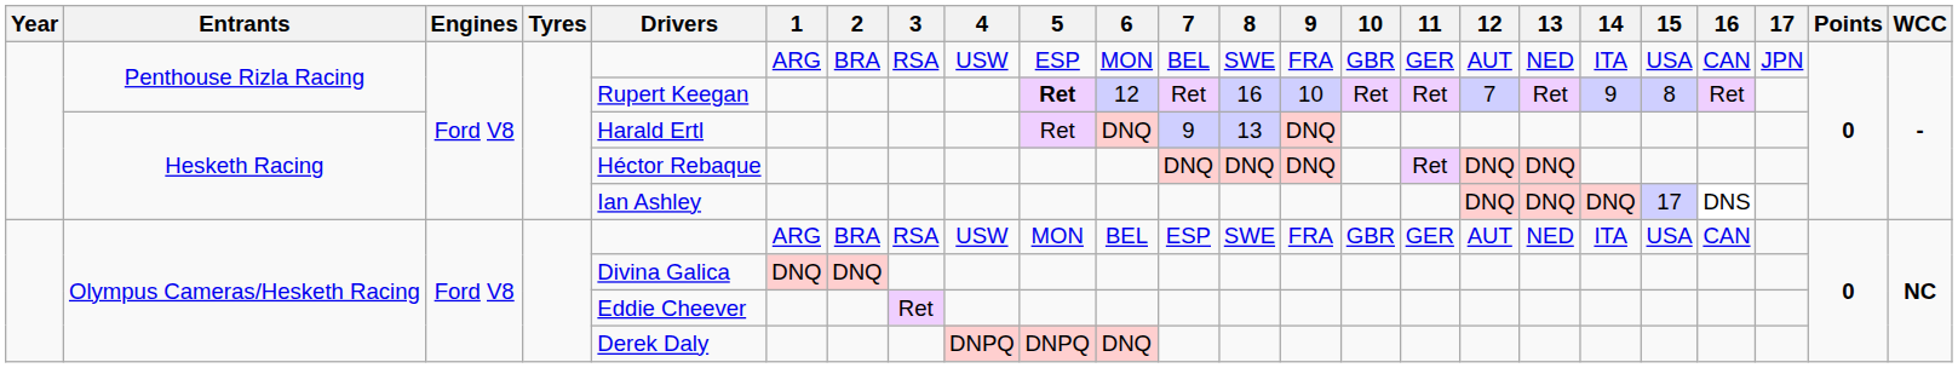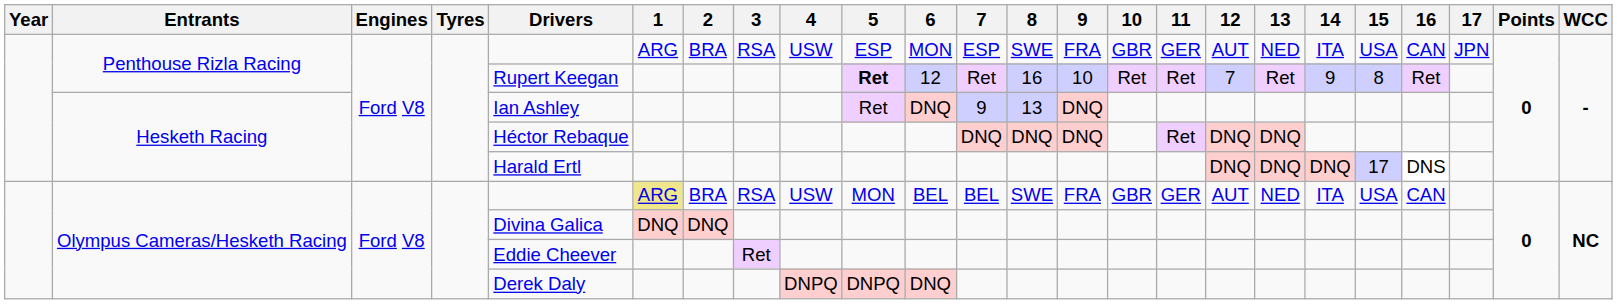 <table class="wikitable" style="text-align:center; font-size:90%">
 <tr>
 <th>Year</th>
 <th>Entrants</th>
 <th>Engines</th>
 <th>Tyres</th>
 <th>Drivers</th>
 <th>1</th>
 <th>2</th>
 <th>3</th>
 <th>4</th>
 <th>5</th>
 <th>6</th>
 <th>7</th>
 <th>8</th>
 <th>9</th>
 <th>10</th>
 <th>11</th>
 <th>12</th>
 <th>13</th>
 <th>14</th>
 <th>15</th>
 <th>16</th>
 <th>17</th>
 <th>Points</th>
 <th>WCC</th>
 </tr>
 <tr>
 <td rowspan="5"></td>
 <td rowspan="2"><a href='#'>Penthouse Rizla Racing</a></td>
 <td rowspan="5"><a href='#'>Ford</a> <a href='#'>V8</a></td>
 <td rowspan="5"></td>
 <td></td>
 <td><a href='#'>ARG</a></td>
 <td><a href='#'>BRA</a></td>
 <td><a href='#'>RSA</a></td>
 <td><a href='#'>USW</a></td>
 <td><a href='#'>ESP</a></td>
 <td><a href='#'>MON</a></td>
-<td><a href='#'>BEL</a></td>
+<td><a href='#'>ESP</a></td>
 <td><a href='#'>SWE</a></td>
 <td><a href='#'>FRA</a></td>
 <td><a href='#'>GBR</a></td>
 <td><a href='#'>GER</a></td>
 <td><a href='#'>AUT</a></td>
 <td><a href='#'>NED</a></td>
 <td><a href='#'>ITA</a></td>
 <td><a href='#'>USA</a></td>
 <td><a href='#'>CAN</a></td>
 <td><a href='#'>JPN</a></td>
 <td rowspan="5"><strong>0</strong></td>
 <td rowspan="5"><strong>-</strong></td>
 </tr>
 <tr>
 <td align="left"><a href='#'>Rupert Keegan</a></td>
 <td></td>
 <td></td>
 <td></td>
 <td></td>
 <td style="background:#efcfff;"><strong>Ret</strong></td>
 <td style="background:#cfcfff;">12</td>
 <td style="background:#efcfff;">Ret</td>
 <td style="background:#cfcfff;">16</td>
 <td style="background:#cfcfff;">10</td>
 <td style="background:#efcfff;">Ret</td>
 <td style="background:#efcfff;">Ret</td>
 <td style="background:#cfcfff;">7</td>
 <td style="background:#efcfff;">Ret</td>
 <td style="background:#cfcfff;">9</td>
 <td style="background:#cfcfff;">8</td>
 <td style="background:#efcfff;">Ret</td>
 <td></td>
 </tr>
 <tr>
 <td rowspan="3"><a href='#'>Hesketh Racing</a></td>
-<td align="left"><a href='#'>Harald Ertl</a></td>
+<td align="left"><a href='#'>Ian Ashley</a></td>
 <td></td>
 <td></td>
 <td></td>
 <td></td>
 <td style="background:#efcfff;">Ret</td>
 <td style="background:#ffcfcf;">DNQ</td>
 <td style="background:#cfcfff;">9</td>
 <td style="background:#cfcfff;">13</td>
 <td style="background:#ffcfcf;">DNQ</td>
 <td></td>
 <td></td>
 <td></td>
 <td></td>
 <td></td>
 <td></td>
 <td></td>
 <td></td>
 </tr>
 <tr>
 <td align="left"><a href='#'>Héctor Rebaque</a></td>
 <td></td>
 <td></td>
 <td></td>
 <td></td>
 <td></td>
 <td></td>
 <td style="background:#ffcfcf;">DNQ</td>
 <td style="background:#ffcfcf;">DNQ</td>
 <td style="background:#ffcfcf;">DNQ</td>
 <td></td>
 <td style="background:#efcfff;">Ret</td>
 <td style="background:#ffcfcf;">DNQ</td>
 <td style="background:#ffcfcf;">DNQ</td>
 <td></td>
 <td></td>
 <td></td>
 <td></td>
 </tr>
 <tr>
-<td align="left"><a href='#'>Ian Ashley</a></td>
+<td align="left"><a href='#'>Harald Ertl</a></td>
 <td></td>
 <td></td>
 <td></td>
 <td></td>
 <td></td>
 <td></td>
 <td></td>
 <td></td>
 <td></td>
 <td></td>
 <td></td>
 <td style="background:#ffcfcf;">DNQ</td>
 <td style="background:#ffcfcf;">DNQ</td>
 <td style="background:#ffcfcf;">DNQ</td>
 <td style="background:#cfcfff;">17</td>
 <td style="background:#ffffff;">DNS</td>
 <td></td>
 </tr>
 <tr>
 <td rowspan="4"></td>
 <td rowspan="4"><a href='#'>Olympus Cameras/Hesketh Racing</a></td>
 <td rowspan="4"><a href='#'>Ford</a> <a href='#'>V8</a></td>
 <td rowspan="4"></td>
 <td></td>
-<td><a href='#'>ARG</a></td>
+<td style="background: khaki;"><a href='#'>ARG</a></td>
 <td><a href='#'>BRA</a></td>
 <td><a href='#'>RSA</a></td>
 <td><a href='#'>USW</a></td>
 <td><a href='#'>MON</a></td>
 <td><a href='#'>BEL</a></td>
-<td><a href='#'>ESP</a></td>
+<td><a href='#'>BEL</a></td>
 <td><a href='#'>SWE</a></td>
 <td><a href='#'>FRA</a></td>
 <td><a href='#'>GBR</a></td>
 <td><a href='#'>GER</a></td>
 <td><a href='#'>AUT</a></td>
 <td><a href='#'>NED</a></td>
 <td><a href='#'>ITA</a></td>
 <td><a href='#'>USA</a></td>
 <td><a href='#'>CAN</a></td>
 <td></td>
 <td rowspan="4"><strong>0</strong></td>
 <td rowspan="4"><strong>NC</strong></td>
 </tr>
 <tr>
 <td align="left"><a href='#'>Divina Galica</a></td>
 <td style="background:#ffcfcf;">DNQ</td>
 <td style="background:#ffcfcf;">DNQ</td>
 <td></td>
 <td></td>
 <td></td>
 <td></td>
 <td></td>
 <td></td>
 <td></td>
 <td></td>
 <td></td>
 <td></td>
 <td></td>
 <td></td>
 <td></td>
 <td></td>
 <td></td>
 </tr>
 <tr>
 <td align="left"><a href='#'>Eddie Cheever</a></td>
 <td></td>
 <td></td>
 <td style="background:#EFCFFF;">Ret</td>
 <td></td>
 <td></td>
 <td></td>
 <td></td>
 <td></td>
 <td></td>
 <td></td>
 <td></td>
 <td></td>
 <td></td>
 <td></td>
 <td></td>
 <td></td>
 <td></td>
 </tr>
 <tr>
 <td align="left"><a href='#'>Derek Daly</a></td>
 <td></td>
 <td></td>
 <td></td>
 <td style="background:#ffcfcf;">DNPQ</td>
 <td style="background:#ffcfcf;">DNPQ</td>
 <td style="background:#ffcfcf;">DNQ</td>
 <td></td>
 <td></td>
 <td></td>
 <td></td>
 <td></td>
 <td></td>
 <td></td>
 <td></td>
 <td></td>
 <td></td>
 <td></td>
 </tr>
 </table>
